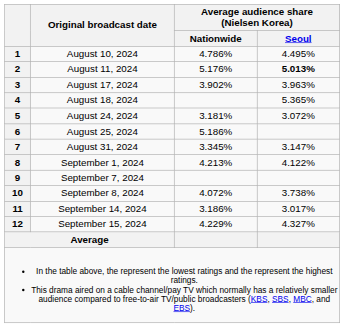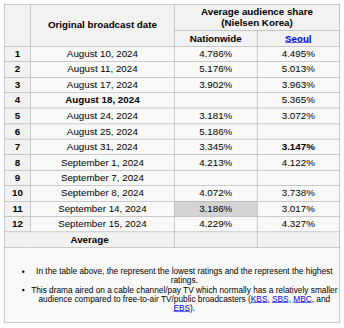 <table class="wikitable" style="margin-left:auto; margin-right:auto; width:550px; text-align:center">
 <tr>
 <th scope="col" rowspan="2"></th>
 <th scope="col" rowspan="2">Original broadcast date</th>
 <th scope="col" colspan="2">Average audience share<br>(Nielsen Korea)</th>
 </tr>
 <tr>
 <th scope="col" style="width:8em">Nationwide</th>
 <th scope="col" style="width:8em"><a href='#'>Seoul</a></th>
 </tr>
 <tr>
 <th scope="row">1</th>
 <td>August 10, 2024</td>
 <td>4.786% </td>
 <td>4.495% </td>
 </tr>
 <tr>
 <th scope="row">2</th>
 <td>August 11, 2024</td>
 <td>5.176% </td>
-<td><strong>5.013% </strong></td>
+<td>5.013% </td>
 </tr>
 <tr>
 <th scope="row">3</th>
 <td>August 17, 2024</td>
 <td>3.902% </td>
 <td>3.963% </td>
 </tr>
 <tr>
 <th scope="row">4</th>
-<td>August 18, 2024</td>
+<td><strong>August 18, 2024</strong></td>
 <td><strong></strong> </td>
 <td>5.365% </td>
 </tr>
 <tr>
 <th scope="row">5</th>
 <td>August 24, 2024</td>
 <td>3.181% </td>
 <td>3.072% </td>
 </tr>
 <tr>
 <th scope="row">6</th>
 <td>August 25, 2024</td>
 <td>5.186% </td>
 <td><strong></strong> </td>
 </tr>
 <tr>
 <th scope="row">7</th>
 <td>August 31, 2024</td>
 <td>3.345% </td>
-<td>3.147% </td>
+<td><strong>3.147% </strong></td>
 </tr>
 <tr>
 <th scope="row">8</th>
 <td>September 1, 2024</td>
 <td>4.213% </td>
 <td>4.122% </td>
 </tr>
 <tr>
 <th scope="row">9</th>
 <td>September 7, 2024</td>
 <td><strong></strong> </td>
 <td><strong></strong> </td>
 </tr>
 <tr>
 <th scope="row">10</th>
 <td>September 8, 2024</td>
 <td>4.072% </td>
 <td>3.738% </td>
 </tr>
 <tr>
 <th scope="row">11</th>
 <td>September 14, 2024</td>
-<td>3.186% </td>
+<td style="background: lightgrey;">3.186% </td>
 <td>3.017% </td>
 </tr>
 <tr>
 <th scope="row">12</th>
 <td>September 15, 2024</td>
 <td>4.229% </td>
 <td>4.327% </td>
 </tr>
 <tr>
 <th scope="col" colspan="2">Average</th>
 <th scope="col"></th>
 <th scope="col"></th>
 </tr>
 <tr>
 <td colspan="4" style="font-size:85%"><br><ul><li>In the table above, the <strong></strong> represent the lowest ratings and the <strong></strong> represent the highest ratings.</li><li>This drama aired on a cable channel/pay TV which normally has a relatively smaller audience compared to free-to-air TV/public broadcasters (<a href='#'>KBS</a>, <a href='#'>SBS</a>, <a href='#'>MBC</a>, and <a href='#'>EBS</a>).</li></ul></td>
 </tr>
 </table>
